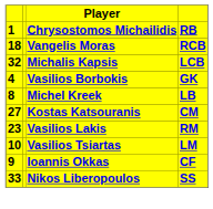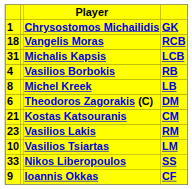 <table class="toccolours" border="0" cellpadding="2" cellspacing="0" align="center" style="margin: 0.5em 0 1em 1em; background: #000000; border: 1px #aaaaaa solid;">
 <tr bgcolor=#FFFF00>
 <th></th>
 <th></th>
 <th>Player</th>
 <th></th>
 </tr>
 <tr bgcolor=#FFFF00>
 <td><strong>1</strong></td>
 <td></td>
 <td><a href='#'><span><strong>Chrysostomos Michailidis</strong></span></a></td>
-<td><a href='#'><strong>RB</strong></a></td>
+<td><a href='#'><strong>GK</strong></a></td>
 </tr>
 <tr bgcolor=#FFFF00>
 <td><strong>18</strong></td>
 <td></td>
 <td><a href='#'><span><strong>Vangelis Moras</strong></span></a></td>
 <td><a href='#'><strong>RCB</strong></a></td>
 </tr>
 <tr bgcolor=#FFFF00>
-<td><strong>32</strong></td>
+<td><strong>31</strong></td>
 <td></td>
 <td><a href='#'><span><strong>Michalis Kapsis</strong></span></a></td>
 <td><a href='#'><strong>LCB</strong></a></td>
 </tr>
 <tr bgcolor=#FFFF00>
 <td><strong>4</strong></td>
 <td></td>
 <td><a href='#'><span><strong>Vasilios Borbokis</strong></span></a></td>
-<td><a href='#'><strong>GK</strong></a></td>
+<td><a href='#'><strong>RB</strong></a></td>
 </tr>
 <tr bgcolor=#FFFF00>
 <td><strong>8</strong></td>
 <td></td>
 <td><a href='#'><span><strong>Michel Kreek</strong></span></a></td>
 <td><a href='#'><strong>LB</strong></a></td>
 </tr>
 <tr bgcolor=#FFFF00>
-<td><strong>27</strong></td>
+<td><strong>6</strong></td>
+<td></td>
+<td><a href='#'><span><strong>Theodoros Zagorakis</strong></span></a> <strong>(C)</strong></td>
+<td><a href='#'><strong>DM</strong></a></td>
+</tr>
+<tr bgcolor=#FFFF00>
+<td><strong>21</strong></td>
 <td></td>
 <td><a href='#'><span><strong>Kostas Katsouranis</strong></span></a></td>
 <td><a href='#'><strong>CM</strong></a></td>
 </tr>
 <tr bgcolor=#FFFF00>
 <td><strong>23</strong></td>
 <td></td>
 <td><a href='#'><span><strong>Vasilios Lakis</strong></span></a></td>
 <td><a href='#'><strong>RM</strong></a></td>
 </tr>
 <tr bgcolor=#FFFF00>
 <td><strong>10</strong></td>
 <td></td>
 <td><a href='#'><span><strong>Vasilios Tsiartas</strong></span></a></td>
 <td><a href='#'><strong>LM</strong></a></td>
 </tr>
 <tr bgcolor=#FFFF00>
+<td><strong>33</strong></td>
+<td></td>
+<td><a href='#'><span><strong>Nikos Liberopoulos</strong></span></a></td>
+<td><a href='#'><strong>SS</strong></a></td>
+</tr>
+<tr bgcolor=#FFFF00>
 <td><strong>9</strong></td>
 <td></td>
 <td><a href='#'><span><strong>Ioannis Okkas</strong></span></a></td>
 <td><a href='#'><strong>CF</strong></a></td>
 </tr>
-<tr bgcolor=#FFFF00>
-<td><strong>33</strong></td>
-<td></td>
-<td><a href='#'><span><strong>Nikos Liberopoulos</strong></span></a></td>
-<td><a href='#'><strong>SS</strong></a></td>
-</tr>
 </table>
